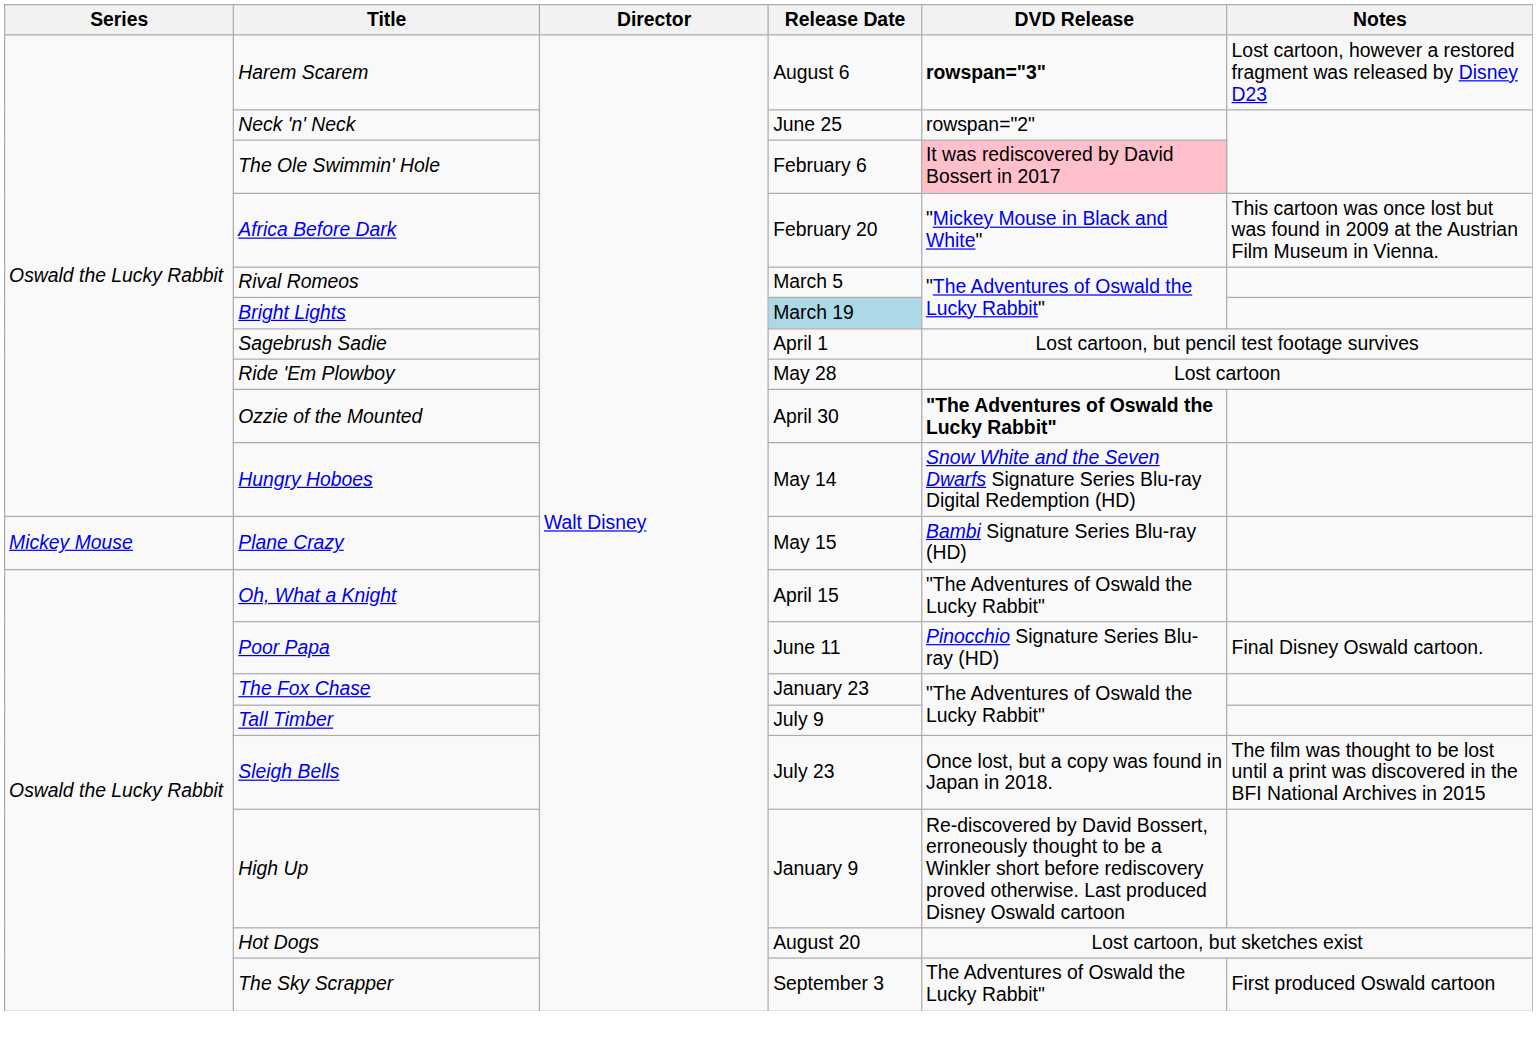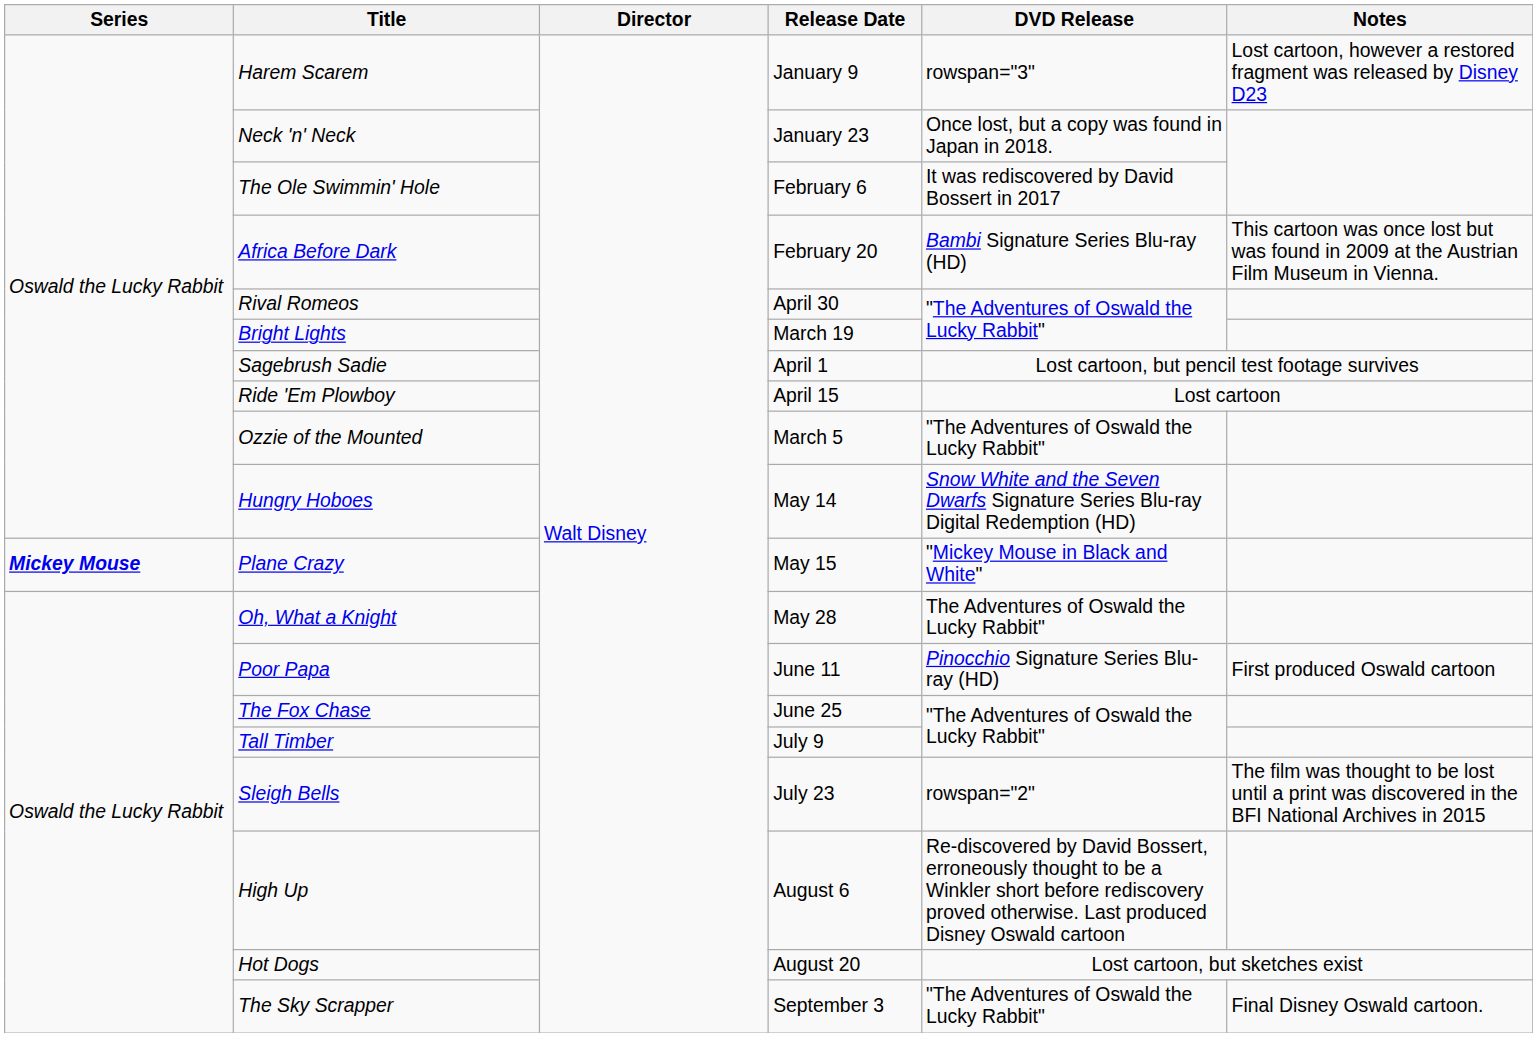 <table class="wikitable" style="width:100%;">
 <tr>
 <th style="width:15%;">Series</th>
 <th style="width:20%;">Title</th>
 <th style="width:15%;">Director</th>
 <th style="width:10%;">Release Date</th>
 <th style="width:20%;">DVD Release</th>
 <th>Notes</th>
 </tr>
 <tr>
 <td rowspan="10"><em>Oswald the Lucky Rabbit</em></td>
 <td><em>Harem Scarem</em></td>
 <td rowspan="20"><a href='#'>Walt Disney</a></td>
-<td>August 6</td>
-<td><strong>rowspan="3" </strong></td>
+<td>January 9</td>
+<td>rowspan="3" </td>
 <td>Lost cartoon, however a restored fragment was released by <a href='#'>Disney D23</a></td>
 </tr>
 <tr>
 <td><em>Neck 'n' Neck</em></td>
-<td>June 25</td>
-<td>rowspan="2" </td>
+<td>January 23</td>
+<td>Once lost, but a copy was found in Japan in 2018.</td>
 </tr>
 <tr>
 <td><em>The Ole Swimmin' Hole</em></td>
 <td>February 6</td>
-<td style="background: pink;">It was rediscovered by David Bossert in 2017</td>
+<td>It was rediscovered by David Bossert in 2017</td>
 </tr>
 <tr>
 <td><em><a href='#'>Africa Before Dark</a></em></td>
 <td>February 20</td>
-<td>"<a href='#'>Mickey Mouse in Black and White</a>"</td>
+<td><em><a href='#'>Bambi</a></em> Signature Series Blu-ray (HD)</td>
 <td>This cartoon was once lost but was found in 2009 at the Austrian Film Museum in Vienna.</td>
 </tr>
 <tr>
 <td><em>Rival Romeos</em></td>
-<td>March 5</td>
+<td>April 30</td>
 <td rowspan="2">"<a href='#'>The Adventures of Oswald the Lucky Rabbit</a>"</td>
 <td></td>
 </tr>
 <tr>
 <td><em><a href='#'>Bright Lights</a></em></td>
-<td style="background: lightblue;">March 19</td>
+<td>March 19</td>
 <td></td>
 </tr>
 <tr>
 <td><em>Sagebrush Sadie</em></td>
 <td>April 1</td>
 <td colspan="2" style="text-align: center;">Lost cartoon, but pencil test footage survives</td>
 </tr>
 <tr>
 <td><em>Ride 'Em Plowboy</em></td>
-<td>May 28</td>
+<td>April 15</td>
 <td colspan="2" style="text-align: center;">Lost cartoon</td>
 </tr>
 <tr>
 <td><em>Ozzie of the Mounted</em></td>
-<td>April 30</td>
-<td><strong>"The Adventures of Oswald the Lucky Rabbit"</strong></td>
+<td>March 5</td>
+<td>"The Adventures of Oswald the Lucky Rabbit"</td>
 <td></td>
 </tr>
 <tr>
 <td><em><a href='#'>Hungry Hoboes</a></em></td>
 <td>May 14</td>
 <td><em><a href='#'>Snow White and the Seven Dwarfs</a></em> Signature Series Blu-ray Digital Redemption (HD)</td>
 <td></td>
 </tr>
 <tr>
-<td rowspan="1"><em><a href='#'>Mickey Mouse</a></em></td>
+<td rowspan="1"><strong><em><a href='#'>Mickey Mouse</a></em></strong></td>
 <td><em><a href='#'>Plane Crazy</a></em></td>
 <td>May 15</td>
-<td><em><a href='#'>Bambi</a></em> Signature Series Blu-ray (HD)</td>
+<td>"<a href='#'>Mickey Mouse in Black and White</a>"</td>
 <td></td>
 </tr>
 <tr>
 <td rowspan="8"><em>Oswald the Lucky Rabbit</em></td>
 <td><em><a href='#'>Oh, What a Knight</a></em></td>
-<td>April 15</td>
-<td>"The Adventures of Oswald the Lucky Rabbit"</td>
+<td>May 28</td>
+<td>The Adventures of Oswald the Lucky Rabbit"</td>
 <td></td>
 </tr>
 <tr>
 <td><em><a href='#'>Poor Papa</a></em></td>
 <td>June 11</td>
 <td><em><a href='#'>Pinocchio</a></em> Signature Series Blu-ray (HD)</td>
-<td>Final Disney Oswald cartoon.</td>
+<td>First produced Oswald cartoon</td>
 </tr>
 <tr>
 <td><em><a href='#'>The Fox Chase</a></em></td>
-<td>January 23</td>
+<td>June 25</td>
 <td rowspan="2">"The Adventures of Oswald the Lucky Rabbit"</td>
 <td></td>
 </tr>
 <tr>
 <td><em><a href='#'>Tall Timber</a></em></td>
 <td>July 9</td>
 <td></td>
 </tr>
 <tr>
 <td><em><a href='#'>Sleigh Bells</a></em></td>
 <td>July 23</td>
-<td>Once lost, but a copy was found in Japan in 2018.</td>
+<td>rowspan="2" </td>
 <td>The film was thought to be lost until a print was discovered in the BFI National Archives in 2015</td>
 </tr>
 <tr>
 <td><em>High Up</em></td>
-<td>January 9</td>
+<td>August 6</td>
 <td>Re-discovered by David Bossert, erroneously thought to be a Winkler short before rediscovery proved otherwise. Last produced Disney Oswald cartoon</td>
 </tr>
 <tr>
 <td><em>Hot Dogs</em></td>
 <td>August 20</td>
 <td colspan="2" style="text-align:center;">Lost cartoon, but sketches exist</td>
 </tr>
 <tr>
 <td><em>The Sky Scrapper</em></td>
 <td>September 3</td>
-<td>The Adventures of Oswald the Lucky Rabbit"</td>
-<td>First produced Oswald cartoon</td>
+<td>"The Adventures of Oswald the Lucky Rabbit"</td>
+<td>Final Disney Oswald cartoon.</td>
 </tr>
 </table>
